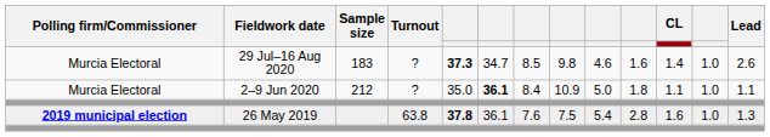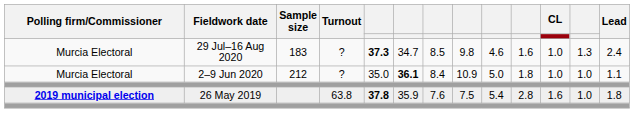 <table class="wikitable collapsible collapsed" style="text-align:center; font-size:95%; line-height:16px;">
 <tr style="height:42px;">
 <th style="width:250px;" rowspan="2">Polling firm/Commissioner</th>
 <th style="width:125px;" rowspan="2">Fieldwork date</th>
 <th style="width:50px;" rowspan="2">Sample size</th>
 <th style="width:45px;" rowspan="2">Turnout</th>
 <th style="width:35px;"></th>
 <th style="width:35px;"></th>
 <th style="width:35px;"></th>
 <th style="width:35px;"></th>
 <th style="width:35px;"></th>
 <th style="width:35px;"></th>
 <th style="width:35px;">CL</th>
 <th style="width:35px;"></th>
 <th style="width:30px;" rowspan="2">Lead</th>
 </tr>
 <tr>
 <th style="color:inherit;background:"></th>
 <th style="color:inherit;background:"></th>
 <th style="color:inherit;background:"></th>
 <th style="color:inherit;background:"></th>
 <th style="color:inherit;background:"></th>
 <th style="color:inherit;background:"></th>
 <th style="color:inherit;background:#9B000C;"></th>
 <th style="color:inherit;background:"></th>
 </tr>
 <tr>
 <td>Murcia Electoral</td>
 <td>29 Jul–16 Aug 2020</td>
 <td>183</td>
 <td>?</td>
 <td><strong>37.3</strong><br></td>
 <td>34.7<br></td>
 <td>8.5<br></td>
 <td>9.8<br></td>
 <td>4.6<br></td>
 <td>1.6<br></td>
-<td>1.4<br></td>
 <td>1.0<br></td>
-<td style="background:">2.6</td>
+<td>1.3<br></td>
+<td style="background:">2.4</td>
 </tr>
 <tr>
 <td>Murcia Electoral</td>
 <td>2–9 Jun 2020</td>
 <td>212</td>
 <td>?</td>
 <td>35.0<br></td>
 <td><strong>36.1</strong><br></td>
 <td>8.4<br></td>
 <td>10.9<br></td>
 <td>5.0<br></td>
 <td>1.8<br></td>
-<td>1.1<br></td>
+<td>1.0<br></td>
 <td>1.0<br></td>
 <td style="background:">1.1</td>
 </tr>
 <tr>
 <td colspan="13" style="background:#A0A0A0"></td>
 </tr>
 <tr style="background:#EFEFEF;">
 <td><strong><a href='#'>2019 municipal election</a></strong></td>
 <td>26 May 2019</td>
 <td></td>
 <td>63.8</td>
 <td><strong>37.8</strong><br></td>
-<td>36.1<br></td>
+<td>35.9<br></td>
 <td>7.6<br></td>
 <td>7.5<br></td>
 <td>5.4<br></td>
 <td>2.8<br></td>
 <td>1.6<br></td>
 <td>1.0<br></td>
-<td style="background:">1.3</td>
+<td style="background:">1.8</td>
 </tr>
 <tr>
 <td colspan="13" style="background:#A0A0A0"></td>
 </tr>
 </table>
